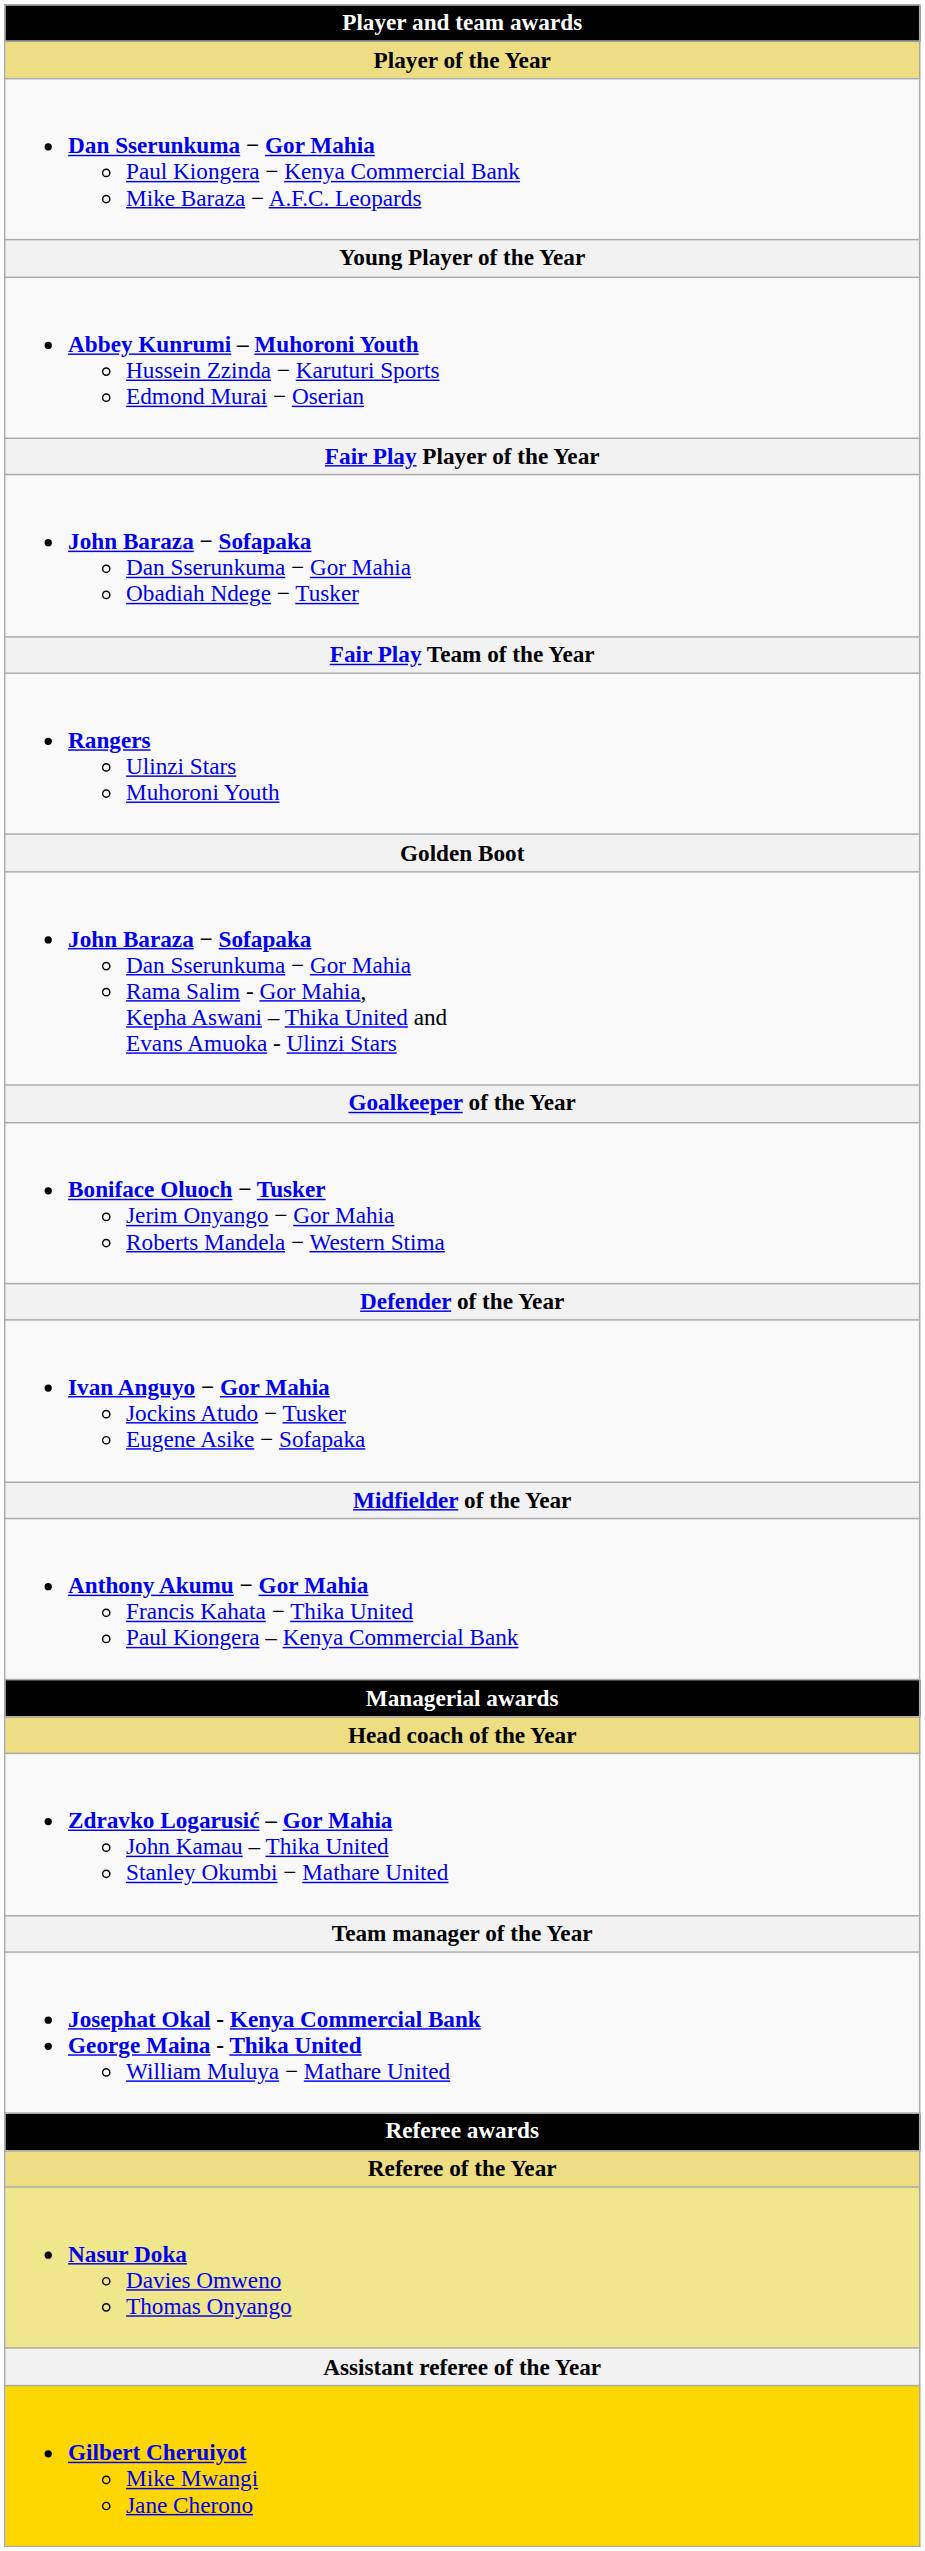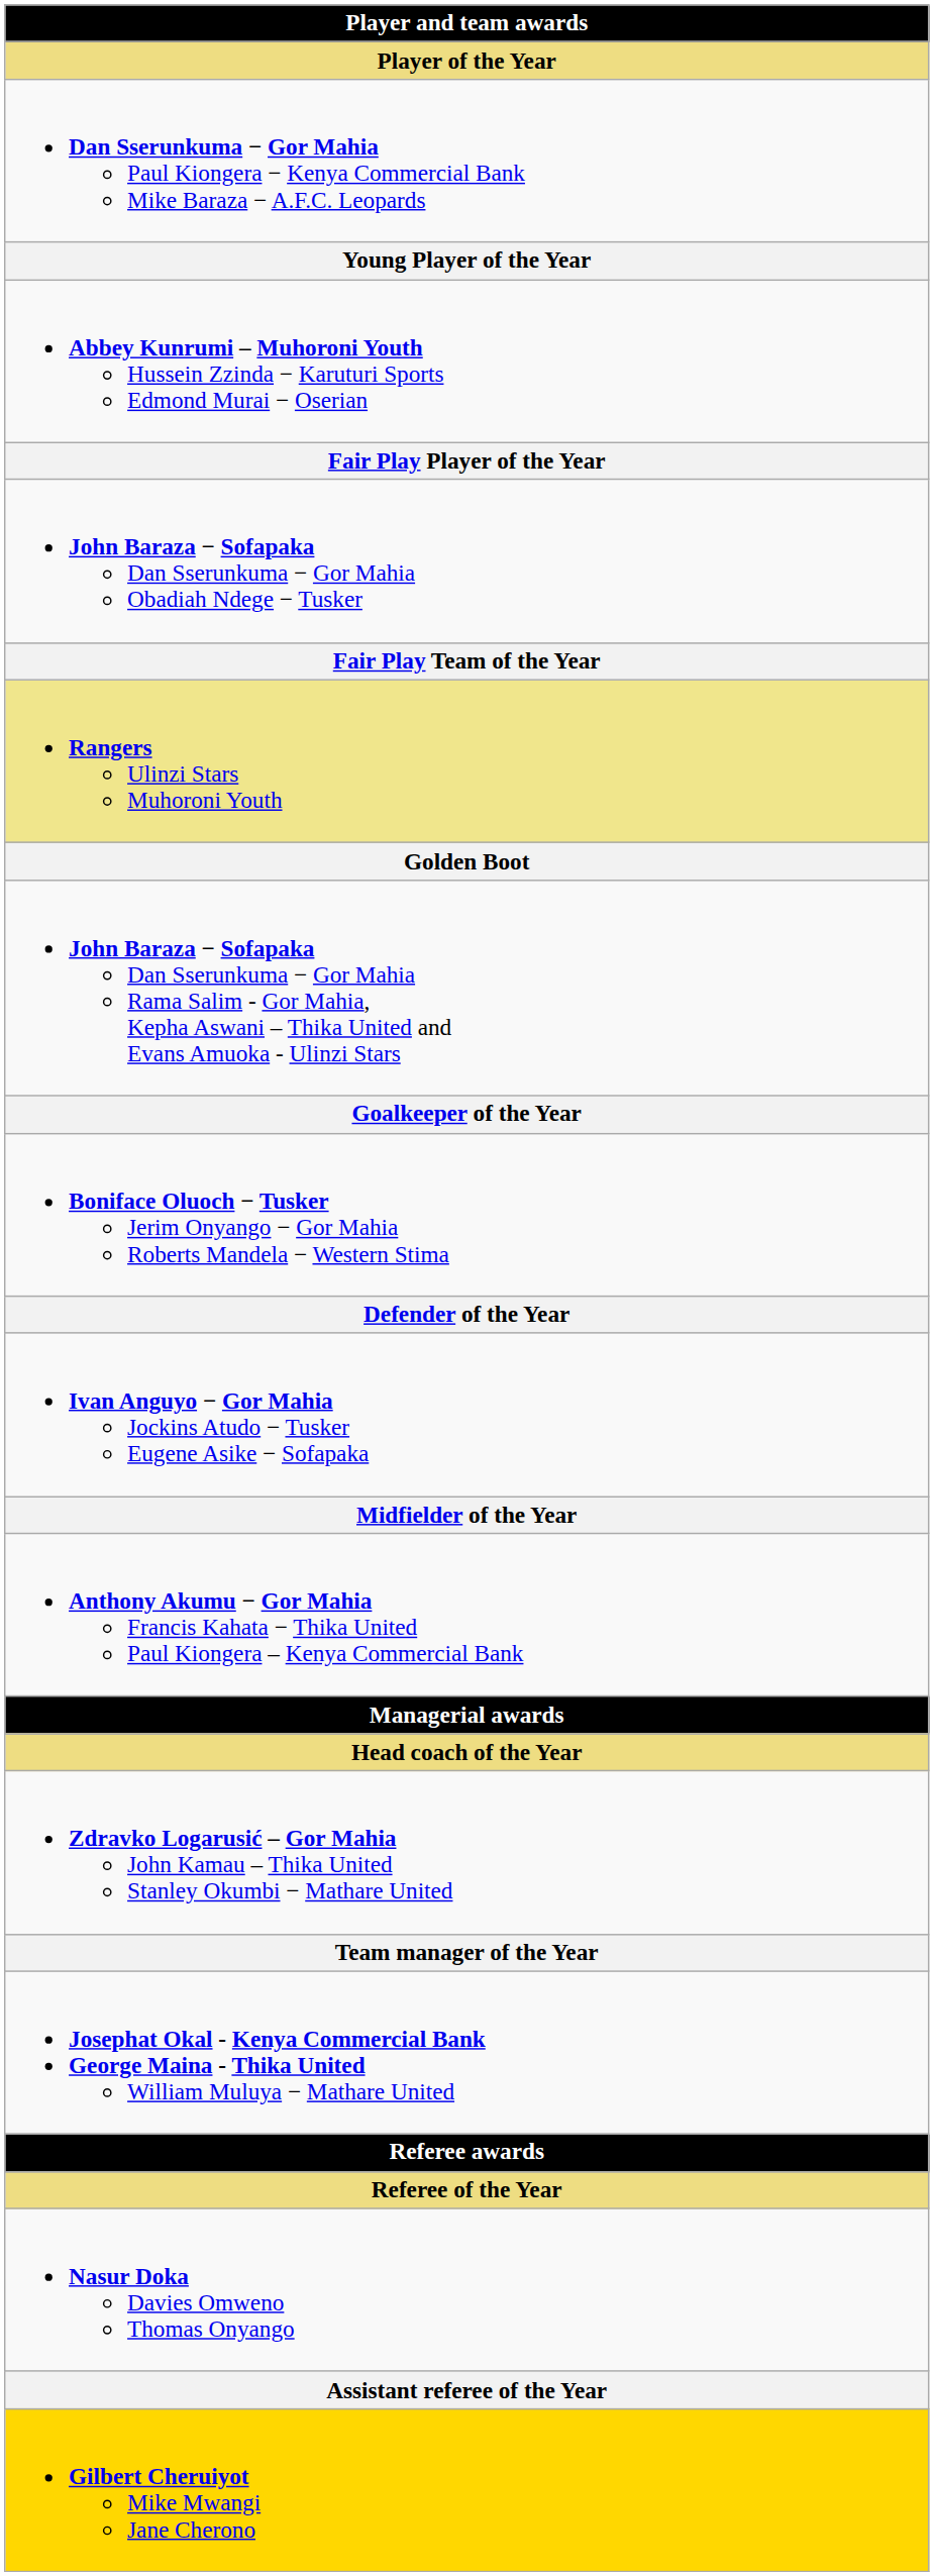 <table class="wikitable" width="50%">
 <tr>
 <th style="background:#000000; color: #FFFFFF">Player and team awards</th>
 </tr>
 <tr>
 <th style="background:#EEDD82;">Player of the Year</th>
 </tr>
 <tr>
 <td valign="top"><br><ul><li><strong> <a href='#'>Dan Sserunkuma</a> − <a href='#'>Gor Mahia</a></strong><ul><li> <a href='#'>Paul Kiongera</a> − <a href='#'>Kenya Commercial Bank</a></li><li> <a href='#'>Mike Baraza</a> − <a href='#'>A.F.C. Leopards</a></li></ul></li></ul></td>
 </tr>
 <tr>
 <th>Young Player of the Year</th>
 </tr>
 <tr>
 <td valign="top"><br><ul><li><strong> <a href='#'>Abbey Kunrumi</a> – <a href='#'>Muhoroni Youth</a></strong><ul><li> <a href='#'>Hussein Zzinda</a> − <a href='#'>Karuturi Sports</a></li><li> <a href='#'>Edmond Murai</a> − <a href='#'>Oserian</a></li></ul></li></ul></td>
 </tr>
 <tr>
 <th><a href='#'>Fair Play</a> Player of the Year</th>
 </tr>
 <tr>
 <td valign="top"><br><ul><li><strong> <a href='#'>John Baraza</a> − <a href='#'>Sofapaka</a></strong><ul><li> <a href='#'>Dan Sserunkuma</a> − <a href='#'>Gor Mahia</a></li><li> <a href='#'>Obadiah Ndege</a> − <a href='#'>Tusker</a></li></ul></li></ul></td>
 </tr>
 <tr>
 <th><a href='#'>Fair Play</a> Team of the Year</th>
 </tr>
 <tr>
-<td valign="top"><br><ul><li><strong><a href='#'>Rangers</a></strong><ul><li><a href='#'>Ulinzi Stars</a></li><li><a href='#'>Muhoroni Youth</a></li></ul></li></ul></td>
+<td valign="top" style="background: khaki;"><br><ul><li><strong><a href='#'>Rangers</a></strong><ul><li><a href='#'>Ulinzi Stars</a></li><li><a href='#'>Muhoroni Youth</a></li></ul></li></ul></td>
 </tr>
 <tr>
 <th>Golden Boot</th>
 </tr>
 <tr>
 <td valign="top"><br><ul><li><strong> <a href='#'>John Baraza</a> − <a href='#'>Sofapaka</a></strong><ul><li> <a href='#'>Dan Sserunkuma</a> − <a href='#'>Gor Mahia</a></li><li> <a href='#'>Rama Salim</a> - <a href='#'>Gor Mahia</a>,<br> <a href='#'>Kepha Aswani</a> – <a href='#'>Thika United</a> and<br> <a href='#'>Evans Amuoka</a> - <a href='#'>Ulinzi Stars</a></li></ul></li></ul></td>
 </tr>
 <tr>
 <th><a href='#'>Goalkeeper</a> of the Year</th>
 </tr>
 <tr>
 <td valign="top"><br><ul><li><strong> <a href='#'>Boniface Oluoch</a> − <a href='#'>Tusker</a></strong><ul><li> <a href='#'>Jerim Onyango</a> − <a href='#'>Gor Mahia</a></li><li> <a href='#'>Roberts Mandela</a> − <a href='#'>Western Stima</a></li></ul></li></ul></td>
 </tr>
 <tr>
 <th><a href='#'>Defender</a> of the Year</th>
 </tr>
 <tr>
 <td valign="top"><br><ul><li><strong> <a href='#'>Ivan Anguyo</a> − <a href='#'>Gor Mahia</a></strong><ul><li> <a href='#'>Jockins Atudo</a> − <a href='#'>Tusker</a></li><li> <a href='#'>Eugene Asike</a> − <a href='#'>Sofapaka</a></li></ul></li></ul></td>
 </tr>
 <tr>
 <th><a href='#'>Midfielder</a> of the Year</th>
 </tr>
 <tr>
 <td valign="top"><br><ul><li><strong> <a href='#'>Anthony Akumu</a> − <a href='#'>Gor Mahia</a></strong><ul><li> <a href='#'>Francis Kahata</a> − <a href='#'>Thika United</a></li><li> <a href='#'>Paul Kiongera</a> – <a href='#'>Kenya Commercial Bank</a></li></ul></li></ul></td>
 </tr>
 <tr>
 <th style="background:#000000; color: #FFFFFF">Managerial awards</th>
 </tr>
 <tr>
 <th style="background:#EEDD82;">Head coach of the Year</th>
 </tr>
 <tr>
 <td valign="top"><br><ul><li><strong> <a href='#'>Zdravko Logarusić</a> – <a href='#'>Gor Mahia</a></strong><ul><li> <a href='#'>John Kamau</a> – <a href='#'>Thika United</a></li><li> <a href='#'>Stanley Okumbi</a> − <a href='#'>Mathare United</a></li></ul></li></ul></td>
 </tr>
 <tr>
 <th>Team manager of the Year</th>
 </tr>
 <tr>
 <td valign="top"><br><ul><li><strong> <a href='#'>Josephat Okal</a> - <a href='#'>Kenya Commercial Bank</a></strong></li><li><strong> <a href='#'>George Maina</a> - <a href='#'>Thika United</a></strong><ul><li> <a href='#'>William Muluya</a> − <a href='#'>Mathare United</a></li></ul></li></ul></td>
 </tr>
 <tr>
 <th style="background:#000000; color: #FFFFFF">Referee awards</th>
 </tr>
 <tr>
 </tr>
 <tr>
 <th style="background:#EEDD82;">Referee of the Year</th>
 </tr>
 <tr>
-<td valign="top" style="background: khaki;"><br><ul><li><strong><a href='#'>Nasur Doka</a></strong><ul><li><a href='#'>Davies Omweno</a></li><li><a href='#'>Thomas Onyango</a></li></ul></li></ul></td>
+<td valign="top"><br><ul><li><strong><a href='#'>Nasur Doka</a></strong><ul><li><a href='#'>Davies Omweno</a></li><li><a href='#'>Thomas Onyango</a></li></ul></li></ul></td>
 </tr>
 <tr>
 <th>Assistant referee of the Year</th>
 </tr>
 <tr>
 <td valign="top" style="background: gold;"><br><ul><li><strong><a href='#'>Gilbert Cheruiyot</a></strong><ul><li><a href='#'>Mike Mwangi</a></li><li><a href='#'>Jane Cherono</a></li></ul></li></ul></td>
 </tr>
 </table>
